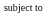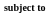 <table>
 <tr>
 <td colspan="2"></td>
 <td></td>
 </tr>
 <tr>
-<td>subject to</td>
+<td><strong>subject to</strong></td>
 <td></td>
 <td></td>
 </tr>
 <tr>
 <td></td>
 <td></td>
 <td></td>
 <td></td>
 </tr>
 </table>
